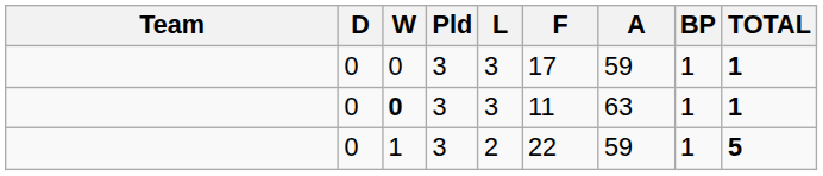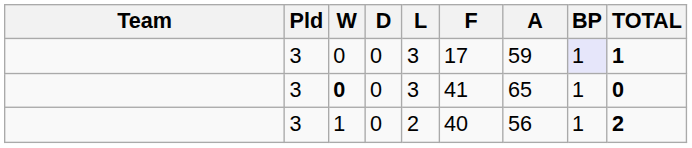 <table class="wikitable">
 <tr border=1 cellpadding=5 cellspacing=0>
 <th width="200">Team</th>
+<th width="20">Pld</th>
+<th width="20">W</th>
 <th width="20">D</th>
-<th width="20">W</th>
-<th width="20">Pld</th>
 <th width="20">L</th>
 <th width="40">F</th>
 <th width="40">A</th>
 <th width="20">BP</th>
 <th width="20">TOTAL</th>
 </tr>
 <tr>
 <td align=left></td>
+<td>3</td>
 <td>0</td>
 <td>0</td>
 <td>3</td>
-<td>3</td>
 <td>17</td>
 <td>59</td>
-<td>1</td>
+<td style="background: lavender;">1</td>
 <td><strong>1</strong></td>
 </tr>
 <tr>
 <td align=left></td>
+<td>3</td>
+<td><strong>0</strong></td>
 <td>0</td>
+<td>3</td>
+<td>41</td>
+<td>65</td>
+<td>1</td>
 <td><strong>0</strong></td>
-<td>3</td>
-<td>3</td>
-<td>11</td>
-<td>63</td>
-<td>1</td>
-<td><strong>1</strong></td>
 </tr>
 <tr>
 <td align=left></td>
+<td>3</td>
+<td>1</td>
 <td>0</td>
+<td>2</td>
+<td>40</td>
+<td>56</td>
 <td>1</td>
-<td>3</td>
-<td>2</td>
-<td>22</td>
-<td>59</td>
-<td>1</td>
-<td><strong>5</strong></td>
+<td><strong>2</strong></td>
 </tr>
 </table>
